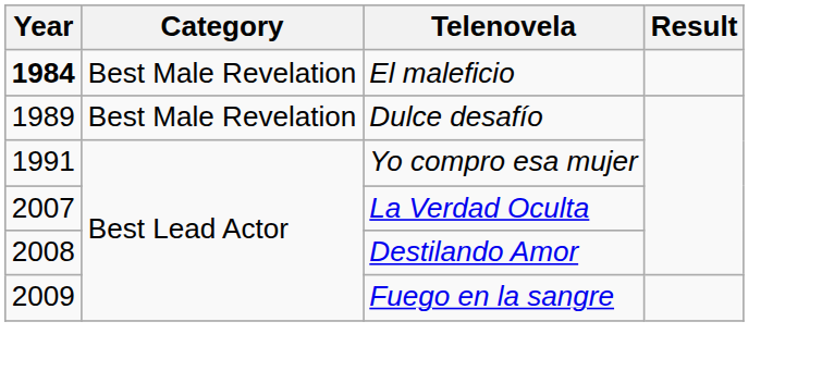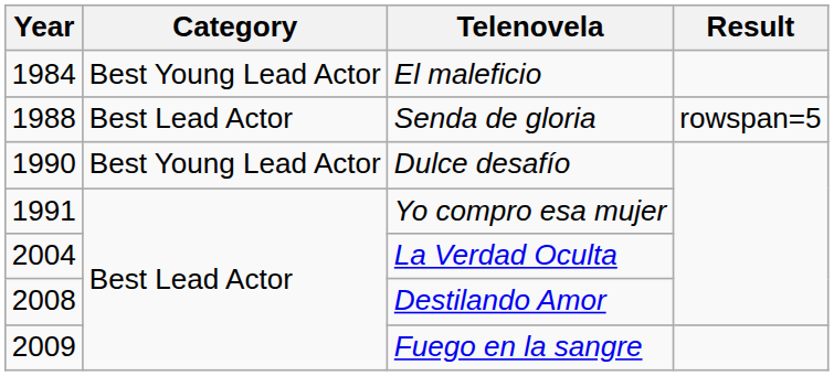 <table class="wikitable">
 <tr>
 <th>Year</th>
 <th>Category</th>
 <th>Telenovela</th>
 <th>Result</th>
 </tr>
 <tr>
-<td><strong>1984</strong></td>
-<td>Best Male Revelation</td>
+<td>1984</td>
+<td>Best Young Lead Actor</td>
 <td><em>El maleficio</em></td>
 <td></td>
 </tr>
 <tr>
-<td>1989</td>
-<td>Best Male Revelation</td>
+<td>1988</td>
+<td>Best Lead Actor</td>
+<td><em>Senda de gloria</em></td>
+<td>rowspan=5 </td>
+</tr>
+<tr>
+<td>1990</td>
+<td>Best Young Lead Actor</td>
 <td><em>Dulce desafío</em></td>
 </tr>
 <tr>
 <td>1991</td>
 <td rowspan=4>Best Lead Actor</td>
 <td><em>Yo compro esa mujer</em></td>
 </tr>
 <tr>
-<td>2007</td>
+<td>2004</td>
 <td><em><a href='#'>La Verdad Oculta</a></em></td>
 </tr>
 <tr>
 <td>2008</td>
 <td><em><a href='#'>Destilando Amor</a></em></td>
 </tr>
 <tr>
 <td>2009</td>
 <td><em><a href='#'>Fuego en la sangre</a></em></td>
 <td></td>
 </tr>
 </table>
